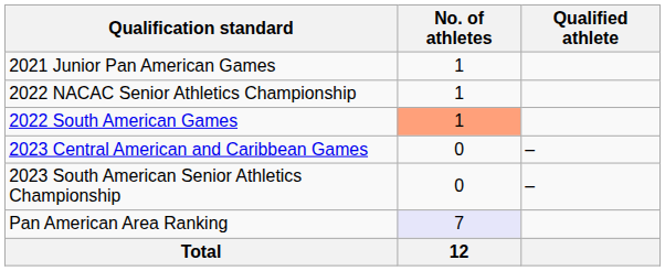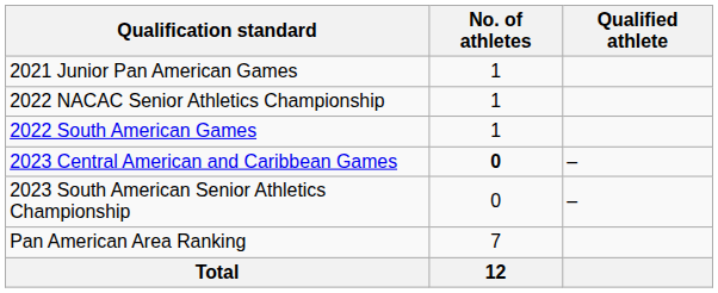 <table class="wikitable" style="text-align:left; width:600px;">
 <tr>
 <th>Qualification standard</th>
 <th>No. of athletes</th>
 <th>Qualified athlete</th>
 </tr>
 <tr>
 <td>2021 Junior Pan American Games</td>
 <td align=center>1</td>
 <td></td>
 </tr>
 <tr>
 <td>2022 NACAC Senior Athletics Championship</td>
 <td align=center>1</td>
 <td></td>
 </tr>
 <tr>
 <td><a href='#'>2022 South American Games</a></td>
-<td align=center style="background: lightsalmon;">1</td>
+<td align=center>1</td>
 <td></td>
 </tr>
 <tr>
 <td><a href='#'>2023 Central American and Caribbean Games</a></td>
-<td align=center>0</td>
+<td align=center><strong>0</strong></td>
 <td>–</td>
 </tr>
 <tr>
 <td>2023 South American Senior Athletics Championship</td>
 <td align=center>0</td>
 <td>–</td>
 </tr>
 <tr>
 <td>Pan American Area Ranking</td>
-<td align=center style="background: lavender;">7</td>
+<td align=center>7</td>
 <td></td>
 </tr>
 <tr>
 <th>Total</th>
 <th>12</th>
 <th colspan=2></th>
 </tr>
 </table>
